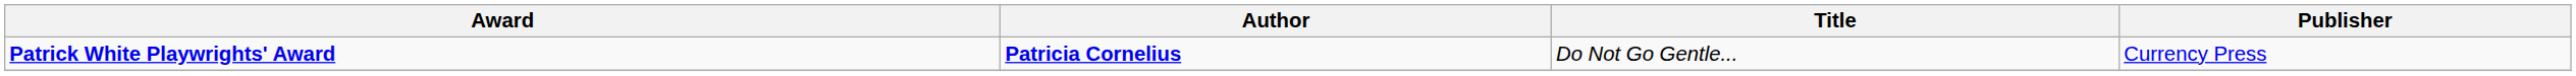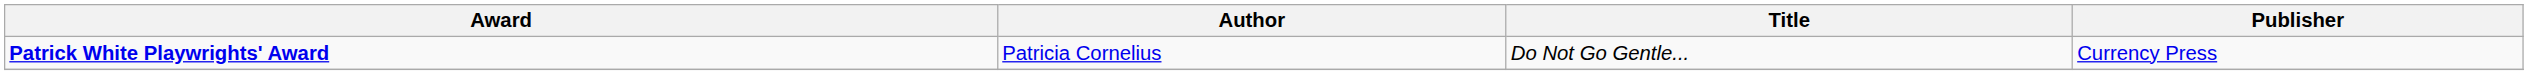 <table class="wikitable" width=100%>
 <tr>
 <th>Award</th>
 <th>Author</th>
 <th>Title</th>
 <th>Publisher</th>
 </tr>
 <tr>
 <td><strong><a href='#'>Patrick White Playwrights' Award</a></strong></td>
-<td><strong><a href='#'>Patricia Cornelius</a></strong></td>
+<td><a href='#'>Patricia Cornelius</a></td>
 <td><em>Do Not Go Gentle...</em></td>
 <td><a href='#'>Currency Press</a></td>
 </tr>
 <tr>
 </tr>
 </table>
